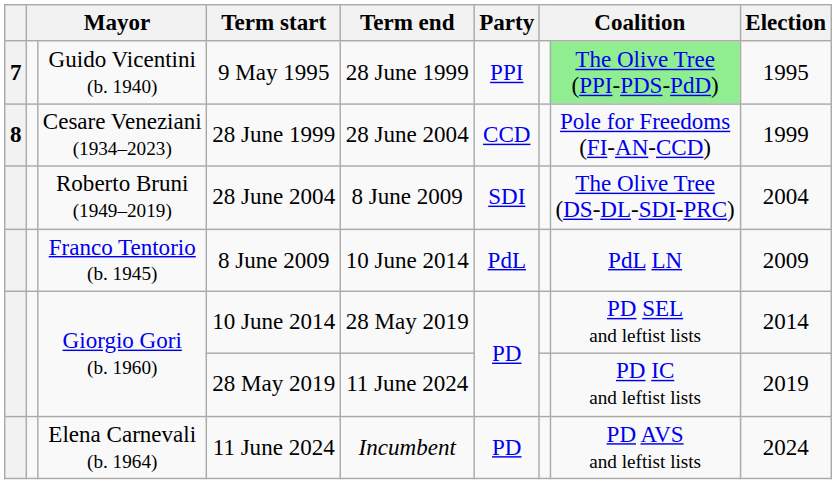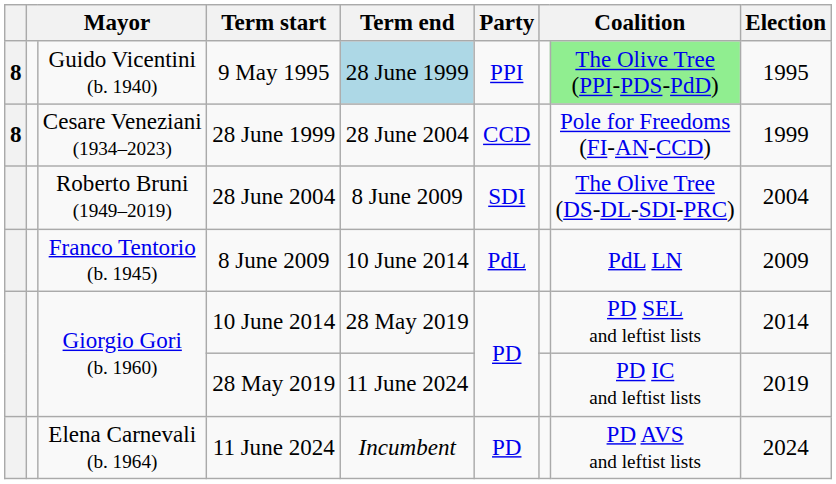 <table class="wikitable" style="text-align: center;">
 <tr>
 <th class=unsortable> </th>
 <th colspan=2>Mayor</th>
 <th>Term start</th>
 <th>Term end</th>
 <th>Party</th>
 <th colspan="2">Coalition</th>
 <th>Election</th>
 </tr>
 <tr>
-<th style="background:">7</th>
+<th style="background:">8</th>
 <td></td>
 <td>Guido Vicentini<br><small>(b. 1940)</small></td>
 <td>9 May 1995</td>
-<td>28 June 1999</td>
+<td style="background: lightblue;">28 June 1999</td>
 <td><a href='#'>PPI</a></td>
 <td style="background: "></td>
 <td style="background: lightgreen;"><a href='#'>The Olive Tree</a><br>(<a href='#'>PPI</a>-<a href='#'>PDS</a>-<a href='#'>PdD</a>)</td>
 <td>1995</td>
 </tr>
 <tr>
 <th style="background:">8</th>
 <td></td>
 <td>Cesare Veneziani <br><small>(1934–2023)</small></td>
 <td>28 June 1999</td>
 <td>28 June 2004</td>
 <td><a href='#'>CCD</a></td>
 <td style="background:"></td>
 <td><a href='#'>Pole for Freedoms</a><br>(<a href='#'>FI</a>-<a href='#'>AN</a>-<a href='#'>CCD</a>)</td>
 <td>1999</td>
 </tr>
 <tr>
 <th style="background:"></th>
 <td></td>
 <td>Roberto Bruni <br><small>(1949–2019)</small></td>
 <td>28 June 2004</td>
 <td>8 June 2009</td>
 <td><a href='#'>SDI</a></td>
 <td style="background:"></td>
 <td><a href='#'>The Olive Tree</a><br>(<a href='#'>DS</a>-<a href='#'>DL</a>-<a href='#'>SDI</a>-<a href='#'>PRC</a>)</td>
 <td>2004</td>
 </tr>
 <tr>
 <th style="background:"></th>
 <td></td>
 <td><a href='#'>Franco Tentorio</a> <br><small>(b. 1945)</small></td>
 <td>8 June 2009</td>
 <td>10 June 2014</td>
 <td><a href='#'>PdL</a></td>
 <td style="background:"></td>
 <td><a href='#'>PdL</a>  <a href='#'>LN</a></td>
 <td>2009</td>
 </tr>
 <tr>
 <th rowspan=2 style="background:"></th>
 <td rowspan=2></td>
 <td rowspan=2><a href='#'>Giorgio Gori</a> <br><small>(b. 1960)</small></td>
 <td>10 June 2014</td>
 <td>28 May 2019</td>
 <td rowspan=2><a href='#'>PD</a></td>
 <td style="background:"></td>
 <td><a href='#'>PD</a>  <a href='#'>SEL</a><br><small>and leftist lists</small></td>
 <td>2014</td>
 </tr>
 <tr>
 <td>28 May 2019</td>
 <td>11 June 2024</td>
 <td style="background:"></td>
 <td><a href='#'>PD</a>  <a href='#'>IC</a><br><small>and leftist lists</small></td>
 <td>2019</td>
 </tr>
 <tr>
 <th style="background:"></th>
 <td></td>
 <td>Elena Carnevali <br><small>(b. 1964)</small></td>
 <td>11 June 2024</td>
 <td><em>Incumbent</em></td>
 <td><a href='#'>PD</a></td>
 <td style="background:"></td>
 <td><a href='#'>PD</a>  <a href='#'>AVS</a><br><small>and leftist lists</small></td>
 <td>2024</td>
 </tr>
 </table>
